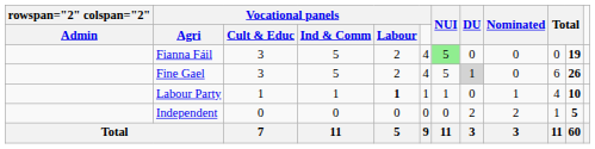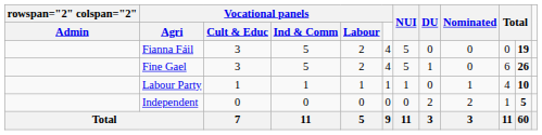 <table class="wikitable">
 <tr>
 <th>rowspan="2" colspan="2" </th>
 <th scope="col" colspan="5"><a href='#'>Vocational panels</a></th>
 <th rowspan="2"><a href='#'>NUI</a></th>
 <th rowspan="2"><a href='#'>DU</a></th>
 <th rowspan="2"><a href='#'>Nominated</a></th>
 <th rowspan="2" colspan="2">Total</th>
 </tr>
 <tr>
 <th scope="col"><a href='#'>Admin</a></th>
 <th scope="col"><a href='#'>Agri</a></th>
 <th scope="col"><a href='#'>Cult & Educ</a></th>
 <th scope="col"><a href='#'>Ind & Comm</a></th>
 <th scope="col"><a href='#'>Labour</a></th>
 </tr>
 <tr style="text-align:center">
 <td style="background-color: "></td>
 <td align="left"><a href='#'>Fianna Fáil</a></td>
 <td>3</td>
 <td>5</td>
 <td>2</td>
 <td>4</td>
-<td style="background: lightgreen;">5</td>
+<td>5</td>
 <td>0</td>
 <td>0</td>
 <td>0</td>
 <td><strong>19</strong></td>
 <td style="background-color: "></td>
 </tr>
 <tr style="text-align:center">
 <td style="background-color: "></td>
 <td align="left"><a href='#'>Fine Gael</a></td>
 <td>3</td>
 <td>5</td>
 <td>2</td>
 <td>4</td>
 <td>5</td>
-<td style="background: lightgrey;">1</td>
+<td>1</td>
 <td>0</td>
 <td>6</td>
 <td><strong>26</strong></td>
 <td style="background-color: "></td>
 </tr>
 <tr style="text-align:center">
 <td style="background-color: "></td>
 <td align="left"><a href='#'>Labour Party</a></td>
 <td>1</td>
 <td>1</td>
-<td><strong>1</strong></td>
+<td>1</td>
 <td>1</td>
 <td>1</td>
 <td>0</td>
 <td>1</td>
 <td>4</td>
 <td><strong>10</strong></td>
 <td style="background-color: "></td>
 </tr>
 <tr style="text-align:center">
 <td style="background-color: "></td>
 <td align="left"><a href='#'>Independent</a></td>
 <td>0</td>
 <td>0</td>
 <td>0</td>
 <td>0</td>
 <td>0</td>
 <td>2</td>
 <td>2</td>
 <td>1</td>
 <td><strong>5</strong></td>
 <td style="background-color: "></td>
 </tr>
 <tr style="text-align:center">
 <th colspan="2">Total</th>
 <th>7</th>
 <th>11</th>
 <th>5</th>
 <th>9</th>
 <th>11</th>
 <th>3</th>
 <th>3</th>
 <th>11</th>
 <th>60</th>
 <th></th>
 </tr>
 </table>
